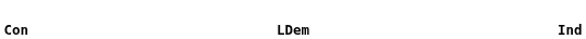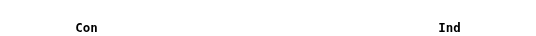 <table style="width:60%; text-align:center;">
 <tr style="color:white;">
 <td style="background:"><strong>21</strong></td>
-<td style="background:"><strong>12</strong></td>
 <td style="background:"><strong>3</strong></td>
 </tr>
 <tr>
 <td><span><strong>Con</strong></span></td>
-<td><span><strong>LDem</strong></span></td>
 <td><span><strong>Ind</strong></span></td>
 </tr>
 </table>
